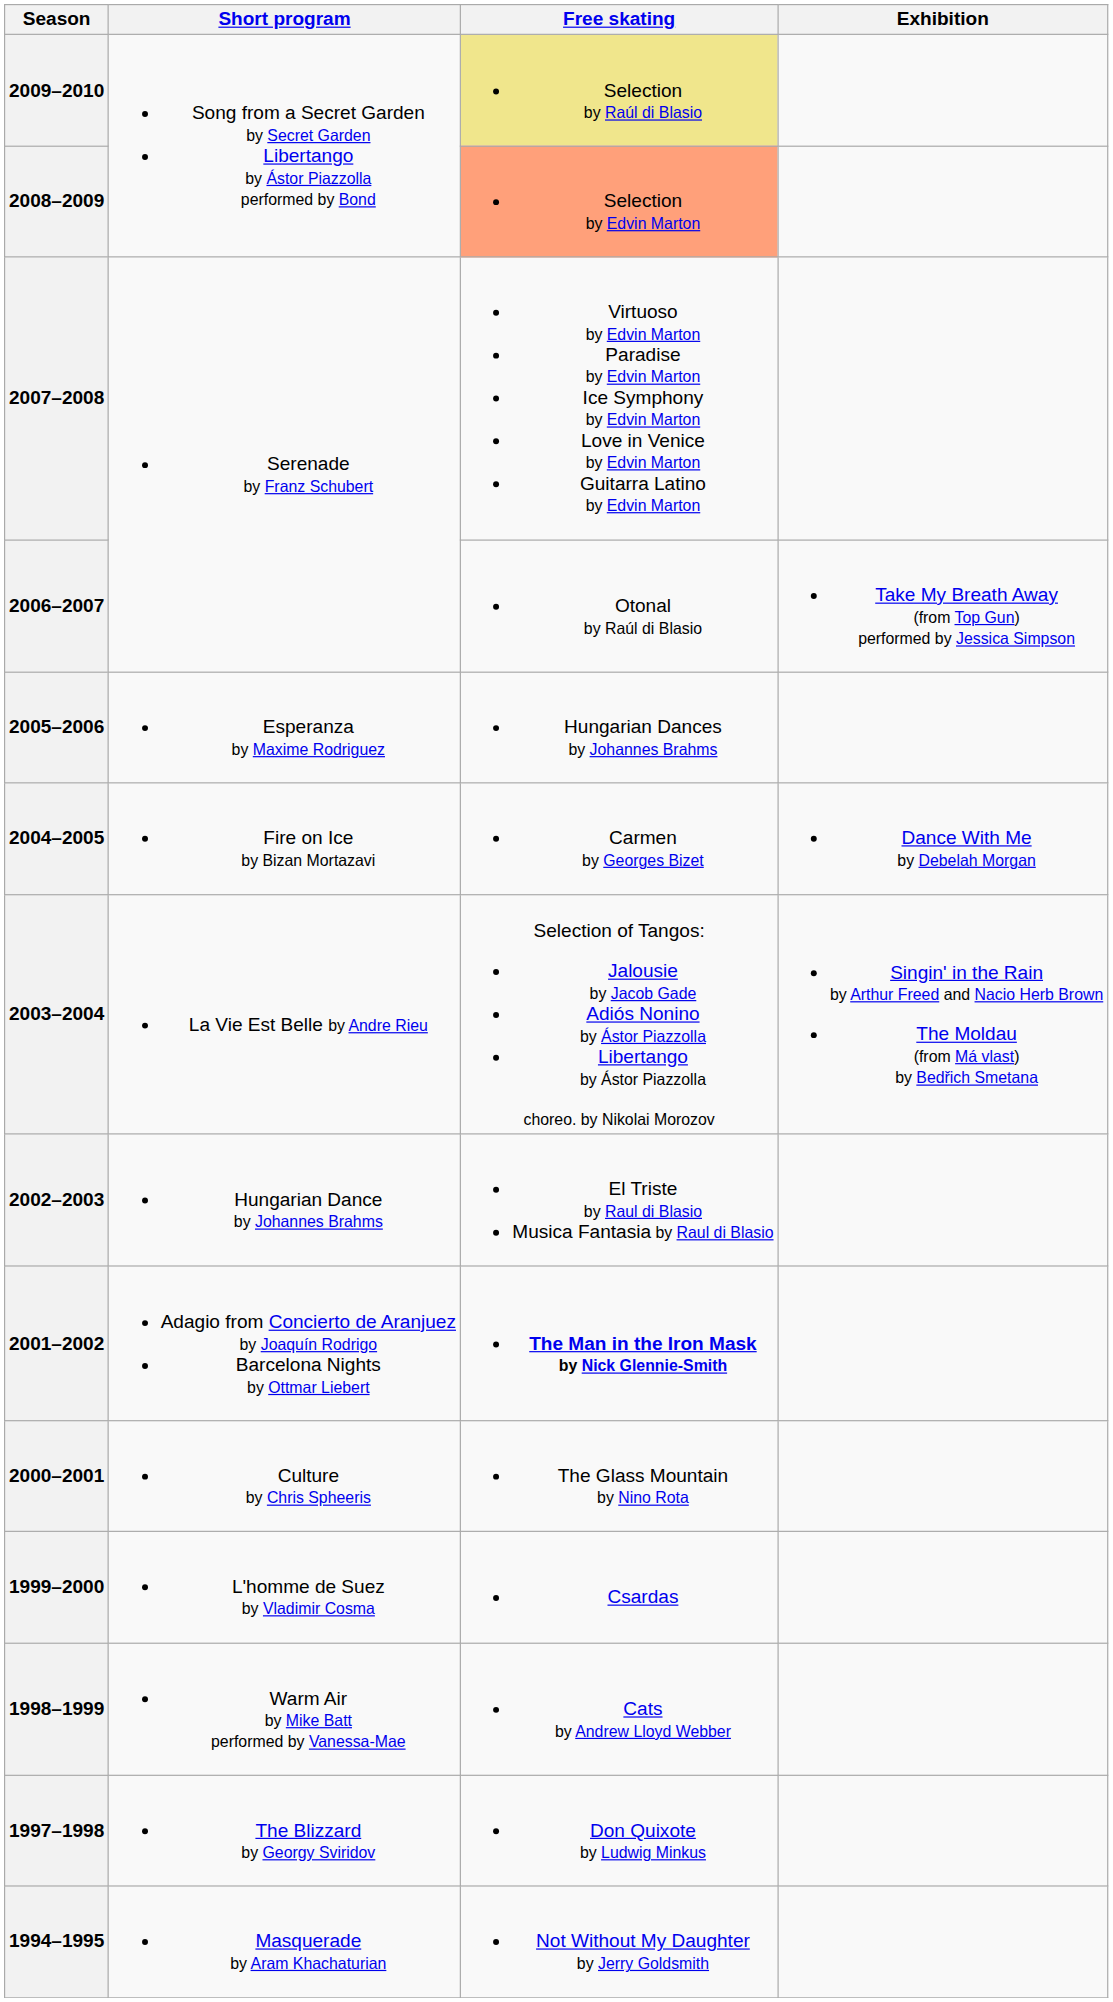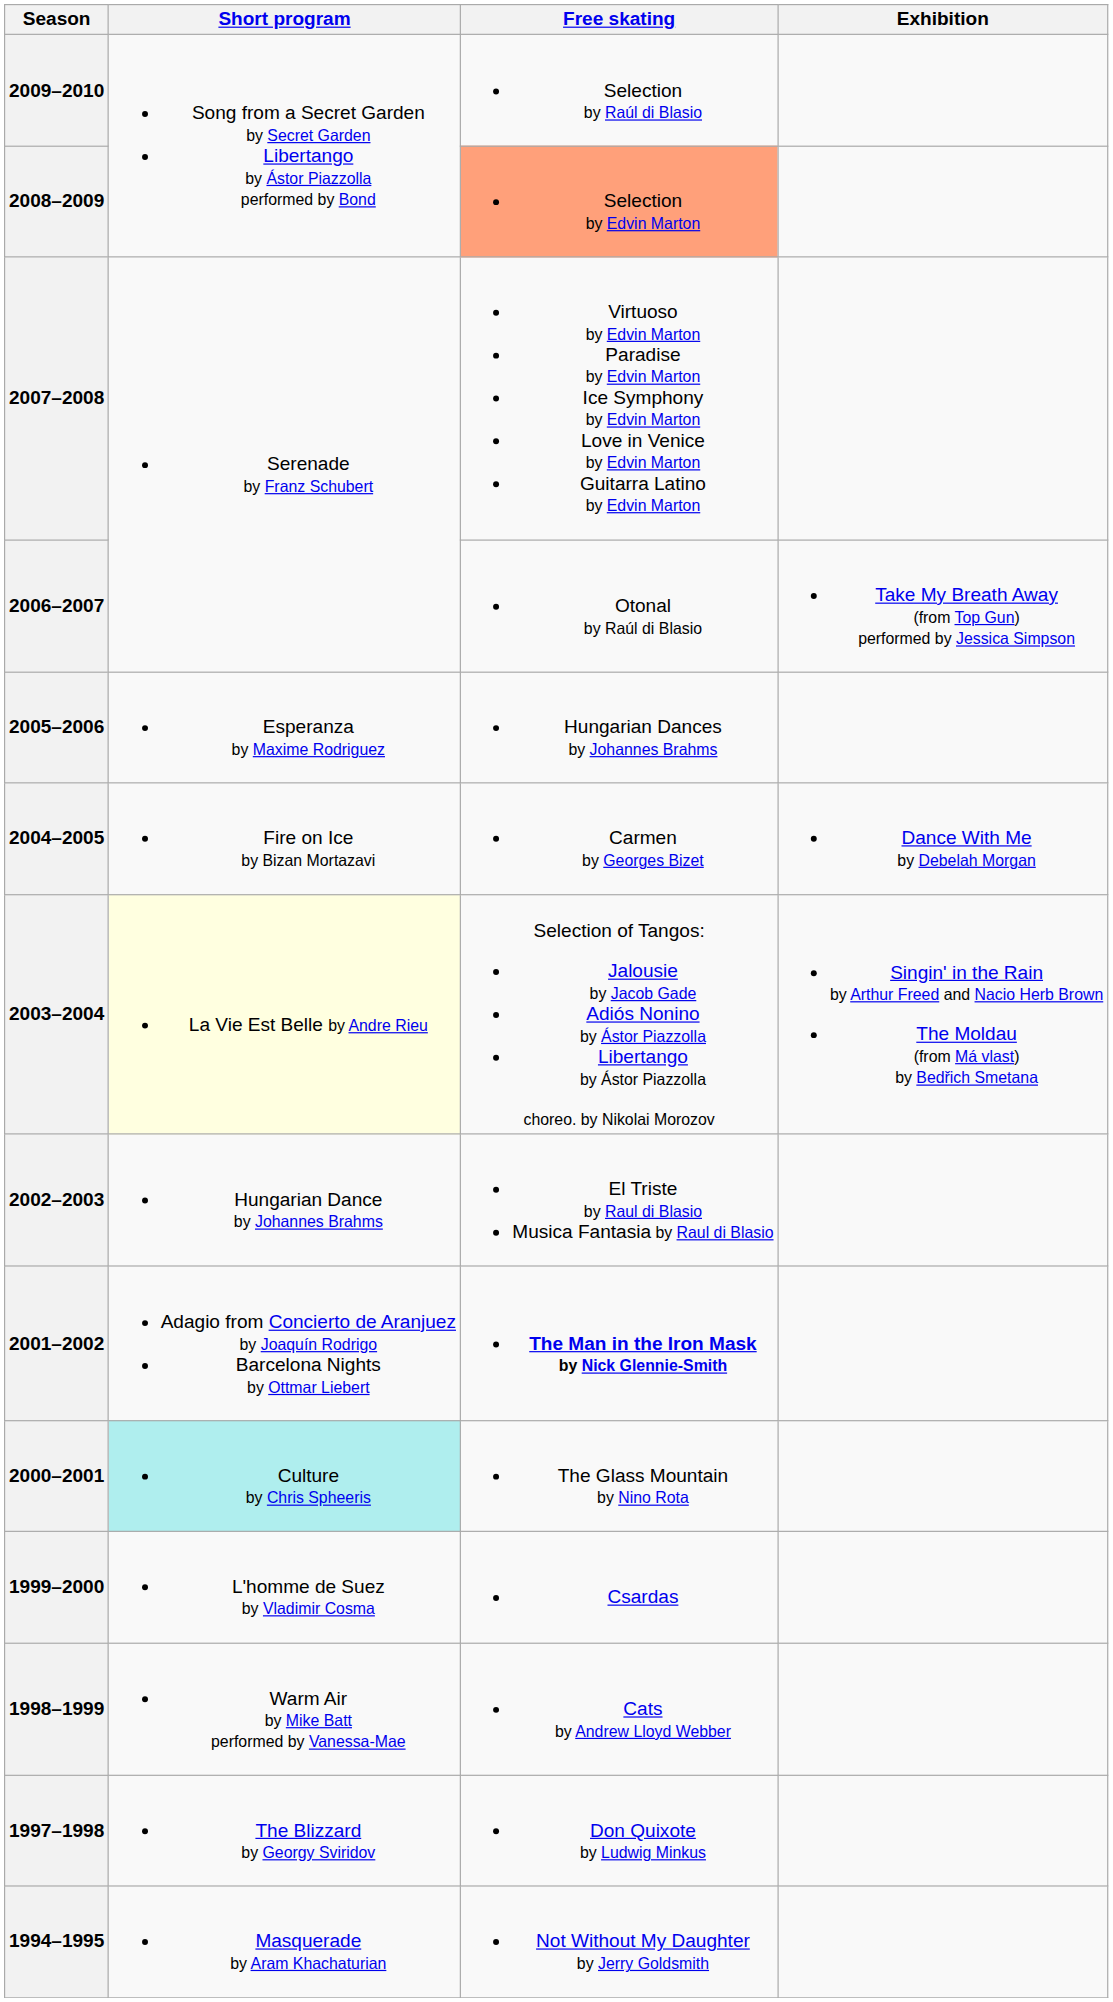 <table class="wikitable" style="text-align:center">
 <tr>
 <th>Season</th>
 <th><a href='#'>Short program</a></th>
 <th><a href='#'>Free skating</a></th>
 <th>Exhibition</th>
 </tr>
 <tr>
 <th>2009–2010 <br> </th>
 <td rowspan=2><br><ul><li>Song from a Secret Garden <br><small> by <a href='#'>Secret Garden</a> </small></li><li><a href='#'>Libertango</a> <br><small> by <a href='#'>Ástor Piazzolla</a> <br> performed by <a href='#'>Bond</a> </small></li></ul></td>
-<td style="background: khaki;"><br><ul><li>Selection <br><small> by <a href='#'>Raúl di Blasio</a> </small></li></ul></td>
+<td><br><ul><li>Selection <br><small> by <a href='#'>Raúl di Blasio</a> </small></li></ul></td>
 <td></td>
 </tr>
 <tr>
 <th>2008–2009 <br> </th>
 <td style="background: lightsalmon;"><br><ul><li>Selection <br><small> by <a href='#'>Edvin Marton</a> </small></li></ul></td>
 <td></td>
 </tr>
 <tr>
 <th>2007–2008 <br> </th>
 <td rowspan=2><br><ul><li>Serenade <br><small> by <a href='#'>Franz Schubert</a> </small></li></ul></td>
 <td><br><ul><li>Virtuoso<br><small> by <a href='#'>Edvin Marton</a> </small></li><li>Paradise<br><small> by <a href='#'>Edvin Marton</a> </small></li><li>Ice Symphony<br><small> by <a href='#'>Edvin Marton</a> </small></li><li>Love in Venice<br><small> by <a href='#'>Edvin Marton</a> </small></li><li>Guitarra Latino<br><small> by <a href='#'>Edvin Marton</a> </small></li></ul></td>
 <td></td>
 </tr>
 <tr>
 <th>2006–2007 <br> </th>
 <td><br><ul><li>Otonal <br><small> by Raúl di Blasio </small></li></ul></td>
 <td><br><ul><li><a href='#'>Take My Breath Away</a> <br><small> (from <a href='#'>Top Gun</a>) <br> performed by <a href='#'>Jessica Simpson</a> </small></li></ul></td>
 </tr>
 <tr>
 <th>2005–2006 <br> </th>
 <td><br><ul><li>Esperanza <br><small> by <a href='#'>Maxime Rodriguez</a> </small></li></ul></td>
 <td><br><ul><li>Hungarian Dances <br><small> by <a href='#'>Johannes Brahms</a> </small></li></ul></td>
 <td></td>
 </tr>
 <tr>
 <th>2004–2005 <br> </th>
 <td><br><ul><li>Fire on Ice <br><small> by Bizan Mortazavi </small></li></ul></td>
 <td><br><ul><li>Carmen <br><small> by <a href='#'>Georges Bizet</a> </small></li></ul></td>
 <td><br><ul><li><a href='#'>Dance With Me</a> <br><small> by <a href='#'>Debelah Morgan</a> </small></li></ul></td>
 </tr>
 <tr>
 <th>2003–2004 <br> </th>
-<td><br><ul><li>La Vie Est Belle  <small>by <a href='#'>Andre Rieu</a></small></li></ul></td>
+<td style="background: lightyellow;"><br><ul><li>La Vie Est Belle  <small>by <a href='#'>Andre Rieu</a></small></li></ul></td>
 <td><br>Selection of Tangos:<ul><li><a href='#'>Jalousie</a><br><small> by <a href='#'>Jacob Gade</a> </small></li><li><a href='#'>Adiós Nonino</a> <br><small> by <a href='#'>Ástor Piazzolla</a> </small></li><li><a href='#'>Libertango</a> <br><small> by Ástor Piazzolla </small></li></ul><small> choreo. by Nikolai Morozov </small></td>
 <td><br><ul><li><a href='#'>Singin' in the Rain</a> <br><small> by <a href='#'>Arthur Freed</a> and <a href='#'>Nacio Herb Brown</a> </small></li></ul><ul><li><a href='#'>The Moldau</a> <br><small> (from <a href='#'>Má vlast</a>) <br> by <a href='#'>Bedřich Smetana</a> </small></li></ul></td>
 </tr>
 <tr>
 <th>2002–2003 <br> </th>
 <td><br><ul><li>Hungarian Dance <br><small> by <a href='#'>Johannes Brahms</a> </small></li></ul></td>
 <td><br><ul><li>El Triste<br><small> by <a href='#'>Raul di Blasio</a> </small></li><li>Musica Fantasia<small>  </small><small>by <a href='#'>Raul di Blasio</a> </small></li></ul></td>
 <td></td>
 </tr>
 <tr>
 <th>2001–2002 <br> </th>
 <td><br><ul><li>Adagio from <a href='#'>Concierto de Aranjuez</a> <br><small> by <a href='#'>Joaquín Rodrigo</a> </small></li><li>Barcelona Nights <br><small> by <a href='#'>Ottmar Liebert</a> </small></li></ul></td>
 <td><strong><br><ul><li><a href='#'>The Man in the Iron Mask</a> <br><small> by <a href='#'>Nick Glennie-Smith</a> </small></li></ul></strong></td>
 <td></td>
 </tr>
 <tr>
 <th>2000–2001 <br> </th>
-<td><br><ul><li>Culture <br><small> by <a href='#'>Chris Spheeris</a> </small></li></ul></td>
+<td style="background: paleturquoise;"><br><ul><li>Culture <br><small> by <a href='#'>Chris Spheeris</a> </small></li></ul></td>
 <td><br><ul><li>The Glass Mountain <br><small> by <a href='#'>Nino Rota</a> </small></li></ul></td>
 <td></td>
 </tr>
 <tr>
 <th>1999–2000 <br> </th>
 <td><br><ul><li>L'homme de Suez <br><small> by <a href='#'>Vladimir Cosma</a> </small></li></ul></td>
 <td><br><ul><li><a href='#'>Csardas</a></li></ul></td>
 <td></td>
 </tr>
 <tr>
 <th>1998–1999</th>
 <td><br><ul><li>Warm Air <br><small> by <a href='#'>Mike Batt</a> <br> performed by <a href='#'>Vanessa-Mae</a> </small></li></ul></td>
 <td><br><ul><li><a href='#'>Cats</a> <br><small> by <a href='#'>Andrew Lloyd Webber</a> </small></li></ul></td>
 <td></td>
 </tr>
 <tr>
 <th>1997–1998</th>
 <td><br><ul><li><a href='#'>The Blizzard</a> <br><small> by <a href='#'>Georgy Sviridov</a> </small></li></ul></td>
 <td><br><ul><li><a href='#'>Don Quixote</a> <br><small> by <a href='#'>Ludwig Minkus</a> </small></li></ul></td>
 <td></td>
 </tr>
 <tr>
 <th>1994–1995</th>
 <td><br><ul><li><a href='#'>Masquerade</a> <br><small> by <a href='#'>Aram Khachaturian</a> </small></li></ul></td>
 <td><br><ul><li><a href='#'>Not Without My Daughter</a> <br><small> by <a href='#'>Jerry Goldsmith</a> </small></li></ul></td>
 <td></td>
 </tr>
 </table>
